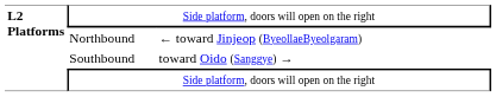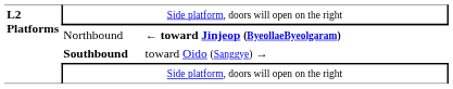 <table table border=0 cellspacing=0 cellpadding=3>
 <tr>
 <td style="border-top:solid 1px gray;border-bottom:solid 1px gray;" width=50 rowspan=10 valign=top><strong>L2<br>Platforms</strong></td>
 <td style="border-top:solid 1px gray;border-right:solid 2px black;border-left:solid 2px black;border-bottom:solid 2px black;text-align:center;" colspan=2><small><a href='#'>Side platform</a>, doors will open on the right</small></td>
 </tr>
 <tr>
 <td style="border-bottom:solid 0px gray;border-top:solid 1px gray;" width=100>Northbound</td>
-<td style="border-bottom:solid 0px gray;border-top:solid 1px gray;" width=390>←  toward <a href='#'>Jinjeop</a> <small>(<a href='#'>ByeollaeByeolgaram</a>)</small></td>
+<td style="border-bottom:solid 0px gray;border-top:solid 1px gray;" width=390><strong>←  toward <a href='#'>Jinjeop</a> <small>(<a href='#'>ByeollaeByeolgaram</a>)</small></strong></td>
 </tr>
 <tr>
-<td>Southbound</td>
+<td><strong>Southbound</strong></td>
 <td>  toward <a href='#'>Oido</a> <small>(<a href='#'>Sanggye</a>)</small> →</td>
 </tr>
 <tr>
 <td style="border-top:solid 2px black;border-right:solid 2px black;border-left:solid 2px black;border-bottom:solid 1px gray;text-align:center;" colspan=2><small><a href='#'>Side platform</a>, doors will open on the right</small></td>
 </tr>
 </table>
